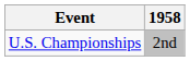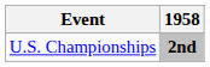 <table class="wikitable">
 <tr>
 <th>Event</th>
 <th>1958</th>
 </tr>
 <tr>
 <td><a href='#'>U.S. Championships</a></td>
-<td align="center" bgcolor="silver">2nd</td>
+<td align="center" bgcolor="silver"><strong>2nd</strong></td>
 </tr>
 </table>
